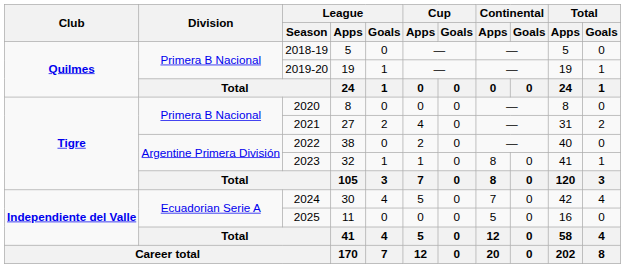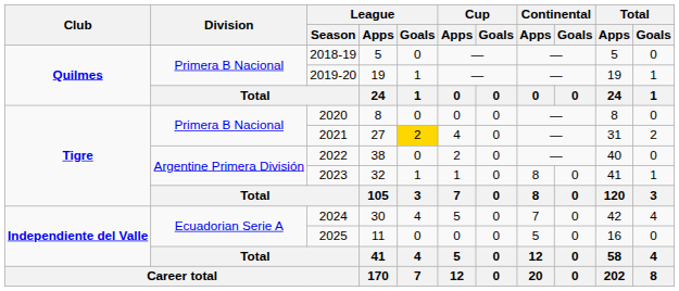 <table class="wikitable" style="text-align:center">
 <tr>
 <th rowspan="2">Club</th>
 <th rowspan="2">Division</th>
 <th colspan="3">League</th>
 <th colspan="2">Cup</th>
 <th colspan="2">Continental</th>
 <th colspan="2">Total</th>
 </tr>
 <tr>
 <th>Season</th>
 <th>Apps</th>
 <th>Goals</th>
 <th>Apps</th>
 <th>Goals</th>
 <th>Apps</th>
 <th>Goals</th>
 <th>Apps</th>
 <th>Goals</th>
 </tr>
 <tr>
 <td rowspan="3"><strong><a href='#'>Quilmes</a></strong></td>
 <td rowspan="2"><a href='#'>Primera B Nacional</a></td>
 <td>2018-19</td>
 <td>5</td>
 <td>0</td>
 <td colspan="2">—</td>
 <td colspan="2">—</td>
 <td>5</td>
 <td>0</td>
 </tr>
 <tr>
 <td>2019-20</td>
 <td>19</td>
 <td>1</td>
 <td colspan="2">—</td>
 <td colspan="2">—</td>
 <td>19</td>
 <td>1</td>
 </tr>
 <tr>
 <th colspan="2">Total</th>
 <th>24</th>
 <th>1</th>
 <th>0</th>
 <th>0</th>
 <th>0</th>
 <th>0</th>
 <th>24</th>
 <th>1</th>
 </tr>
 <tr>
 <td rowspan="5"><strong><a href='#'>Tigre</a></strong></td>
 <td rowspan="2"><a href='#'>Primera B Nacional</a></td>
 <td>2020</td>
 <td>8</td>
 <td>0</td>
 <td>0</td>
 <td>0</td>
 <td colspan="2">—</td>
 <td>8</td>
 <td>0</td>
 </tr>
 <tr>
 <td>2021</td>
 <td>27</td>
-<td>2</td>
+<td style="background: gold;">2</td>
 <td>4</td>
 <td>0</td>
 <td colspan="2">—</td>
 <td>31</td>
 <td>2</td>
 </tr>
 <tr>
 <td rowspan="2"><a href='#'>Argentine Primera División</a></td>
 <td>2022</td>
 <td>38</td>
 <td>0</td>
 <td>2</td>
 <td>0</td>
 <td colspan="2">—</td>
 <td>40</td>
 <td>0</td>
 </tr>
 <tr>
 <td>2023</td>
 <td>32</td>
 <td>1</td>
 <td>1</td>
 <td>0</td>
 <td>8</td>
 <td>0</td>
 <td>41</td>
 <td>1</td>
 </tr>
 <tr>
 <th colspan="2">Total</th>
 <th>105</th>
 <th>3</th>
 <th>7</th>
 <th>0</th>
 <th>8</th>
 <th>0</th>
 <th>120</th>
 <th>3</th>
 </tr>
 <tr>
 <td rowspan="3"><strong><a href='#'>Independiente del Valle</a></strong></td>
 <td rowspan="2"><a href='#'>Ecuadorian Serie A</a></td>
 <td>2024</td>
 <td>30</td>
 <td>4</td>
 <td>5</td>
 <td>0</td>
 <td>7</td>
 <td>0</td>
 <td>42</td>
 <td>4</td>
 </tr>
 <tr>
 <td>2025</td>
 <td>11</td>
 <td>0</td>
 <td>0</td>
 <td>0</td>
 <td>5</td>
 <td>0</td>
 <td>16</td>
 <td>0</td>
 </tr>
 <tr>
 <th colspan="2">Total</th>
 <th>41</th>
 <th>4</th>
 <th>5</th>
 <th>0</th>
 <th>12</th>
 <th>0</th>
 <th>58</th>
 <th>4</th>
 </tr>
 <tr>
 <th colspan="3">Career total</th>
 <th>170</th>
 <th>7</th>
 <th>12</th>
 <th>0</th>
 <th>20</th>
 <th>0</th>
 <th>202</th>
 <th>8</th>
 </tr>
 </table>
